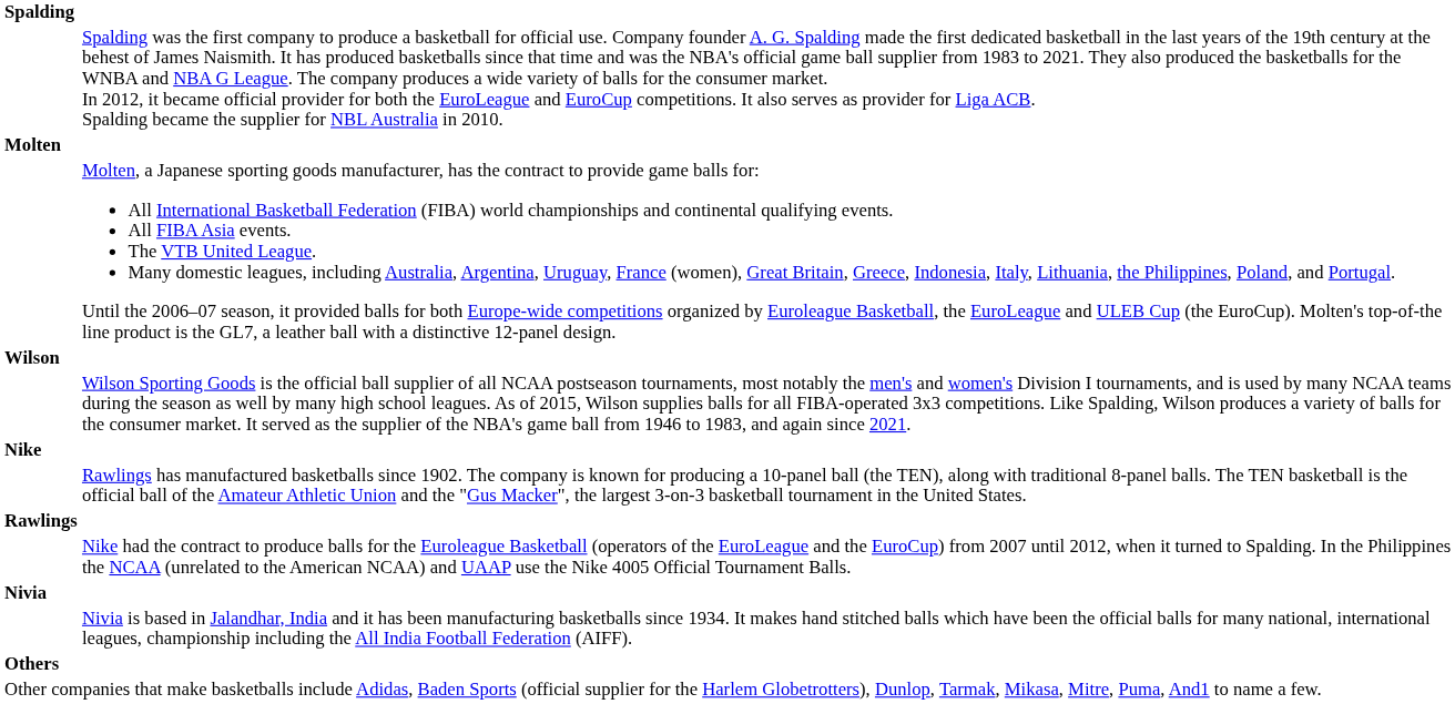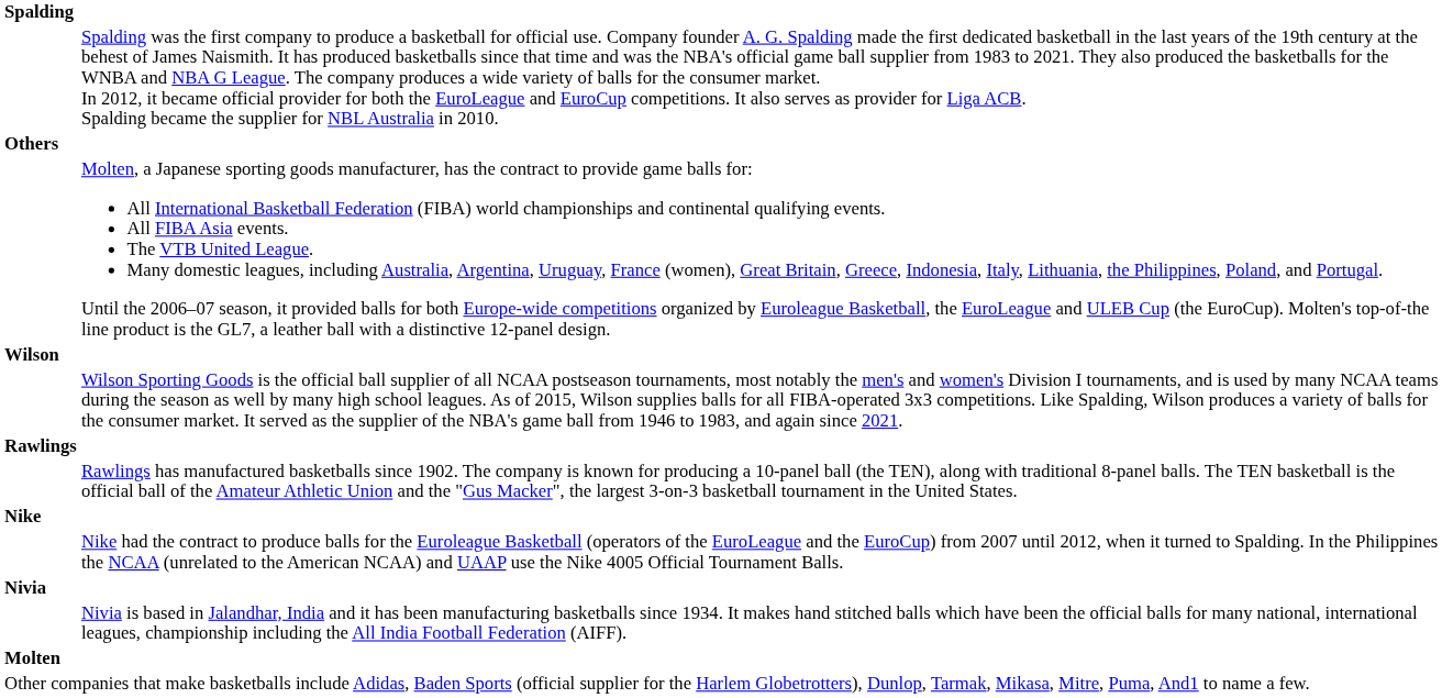 <table>
 <tr>
 <td><strong>Spalding</strong></td>
 </tr>
 <tr>
 <td></td>
 <td><a href='#'>Spalding</a> was the first company to produce a basketball for official use. Company founder <a href='#'>A. G. Spalding</a> made the first dedicated basketball in the last years of the 19th century at the behest of James Naismith. It has produced basketballs since that time and was the NBA's official game ball supplier from 1983 to 2021. They also produced the basketballs for the WNBA and <a href='#'>NBA G League</a>. The company produces a wide variety of balls for the consumer market.<br>In 2012, it became official provider for both the <a href='#'>EuroLeague</a> and <a href='#'>EuroCup</a> competitions. It also serves as provider for <a href='#'>Liga ACB</a>.<br>Spalding became the supplier for <a href='#'>NBL Australia</a> in 2010.</td>
 </tr>
 <tr>
-<td><strong>Molten</strong></td>
+<td><strong>Others</strong></td>
 </tr>
 <tr>
 <td></td>
 <td><a href='#'>Molten</a>, a Japanese sporting goods manufacturer, has the contract to provide game balls for:<br><ul><li>All <a href='#'>International Basketball Federation</a> (FIBA) world championships and continental qualifying events.</li><li>All <a href='#'>FIBA Asia</a> events.</li><li>The <a href='#'>VTB United League</a>.</li><li>Many domestic leagues, including <a href='#'>Australia</a>, <a href='#'>Argentina</a>, <a href='#'>Uruguay</a>, <a href='#'>France</a> (women), <a href='#'>Great Britain</a>, <a href='#'>Greece</a>, <a href='#'>Indonesia</a>, <a href='#'>Italy</a>, <a href='#'>Lithuania</a>, <a href='#'>the Philippines</a>, <a href='#'>Poland</a>, and <a href='#'>Portugal</a>.</li></ul>Until the 2006–07 season, it provided balls for both <a href='#'>Europe-wide competitions</a> organized by <a href='#'>Euroleague Basketball</a>, the <a href='#'>EuroLeague</a> and <a href='#'>ULEB Cup</a> (the EuroCup).  Molten's top-of-the line product is the GL7, a leather ball with a distinctive 12-panel design.</td>
 </tr>
 <tr>
 <td><strong>Wilson</strong></td>
 </tr>
 <tr>
 <td></td>
 <td><a href='#'>Wilson Sporting Goods</a> is the official ball supplier of all NCAA postseason tournaments, most notably the <a href='#'>men's</a> and <a href='#'>women's</a> Division I tournaments, and is used by many NCAA teams during the season as well by many high school leagues. As of 2015, Wilson supplies balls for all FIBA-operated 3x3 competitions. Like Spalding, Wilson produces a variety of balls for the consumer market. It served as the supplier of the NBA's game ball from 1946 to 1983, and again since <a href='#'>2021</a>.</td>
 </tr>
 <tr>
-<td><strong>Nike</strong></td>
+<td><strong>Rawlings</strong></td>
 </tr>
 <tr>
 <td></td>
 <td><a href='#'>Rawlings</a> has manufactured basketballs since 1902. The company is known for producing a 10-panel ball (the TEN), along with traditional 8-panel balls. The TEN basketball is the official ball of the <a href='#'>Amateur Athletic Union</a> and the "<a href='#'>Gus Macker</a>", the largest 3-on-3 basketball tournament in the United States.</td>
 </tr>
 <tr>
-<td><strong>Rawlings</strong></td>
+<td><strong>Nike</strong></td>
 </tr>
 <tr>
 <td></td>
 <td><a href='#'>Nike</a> had the contract to produce balls for the <a href='#'>Euroleague Basketball</a> (operators of the <a href='#'>EuroLeague</a> and the <a href='#'>EuroCup</a>) from 2007 until 2012, when it turned to Spalding. In the Philippines the <a href='#'>NCAA</a> (unrelated to the American NCAA) and <a href='#'>UAAP</a> use the Nike 4005 Official Tournament Balls.</td>
 </tr>
 <tr>
 <td><strong>Nivia</strong></td>
 </tr>
 <tr>
 <td></td>
 <td><a href='#'>Nivia</a> is based in <a href='#'>Jalandhar, India</a> and it has been manufacturing basketballs since 1934. It makes hand stitched balls which have been the official balls for many national, international leagues, championship including the <a href='#'>All India Football Federation</a> (AIFF).</td>
 </tr>
 <tr>
-<td><strong>Others</strong></td>
+<td><strong>Molten</strong></td>
 </tr>
 <tr>
 <td colspan=2>Other companies that make basketballs include <a href='#'>Adidas</a>, <a href='#'>Baden Sports</a> (official supplier for the <a href='#'>Harlem Globetrotters</a>), <a href='#'>Dunlop</a>, <a href='#'>Tarmak</a>, <a href='#'>Mikasa</a>, <a href='#'>Mitre</a>, <a href='#'>Puma</a>, <a href='#'>And1</a> to name a few.</td>
 </tr>
 </table>
